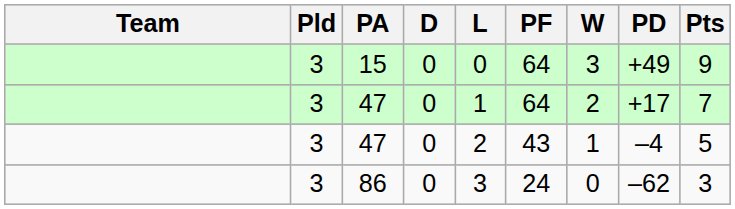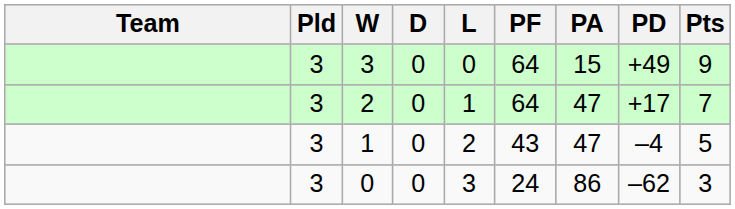 <table class="wikitable" style="text-align:center;">
 <tr>
 <th width=175>Team</th>
 <th width=25 abbr="Played">Pld</th>
-<th width=32 abbr="Points against">PA</th>
+<th width=25 abbr="Won">W</th>
 <th width=25 abbr="Drawn">D</th>
 <th width=25 abbr="Lost">L</th>
 <th width=32 abbr="Points for">PF</th>
-<th width=25 abbr="Won">W</th>
+<th width=32 abbr="Points against">PA</th>
 <th width=32 abbr="Points difference">PD</th>
 <th width=25 abbr="Points">Pts</th>
 </tr>
 <tr bgcolor=ccffcc>
 <td align=left></td>
 <td>3</td>
-<td>15</td>
+<td>3</td>
 <td>0</td>
 <td>0</td>
 <td>64</td>
-<td>3</td>
+<td>15</td>
 <td>+49</td>
 <td>9</td>
 </tr>
 <tr bgcolor=ccffcc>
 <td align=left></td>
 <td>3</td>
-<td>47</td>
+<td>2</td>
 <td>0</td>
 <td>1</td>
 <td>64</td>
-<td>2</td>
+<td>47</td>
 <td>+17</td>
 <td>7</td>
 </tr>
 <tr>
 <td align=left></td>
 <td>3</td>
-<td>47</td>
+<td>1</td>
 <td>0</td>
 <td>2</td>
 <td>43</td>
-<td>1</td>
+<td>47</td>
 <td>–4</td>
 <td>5</td>
 </tr>
 <tr>
 <td align=left></td>
 <td>3</td>
-<td>86</td>
+<td>0</td>
 <td>0</td>
 <td>3</td>
 <td>24</td>
-<td>0</td>
+<td>86</td>
 <td>–62</td>
 <td>3</td>
 </tr>
 </table>
